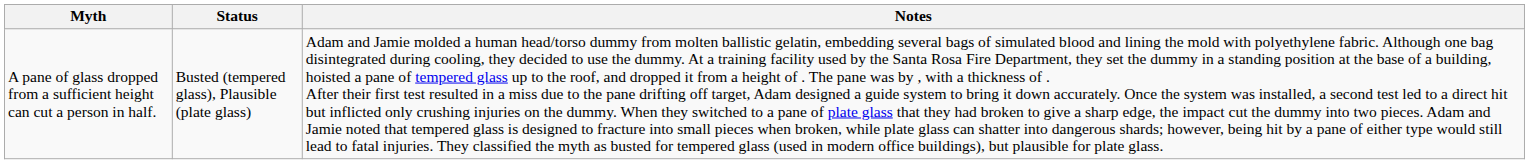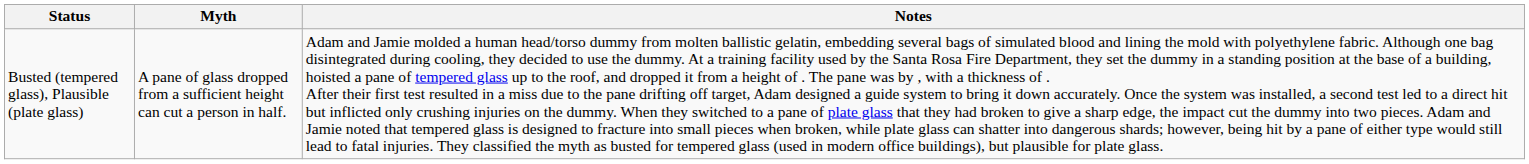 <table class="wikitable plainrowheaders">
 <tr>
+<th scope"col">Status</th>
 <th scope"col">Myth</th>
-<th scope"col">Status</th>
 <th scope"col">Notes</th>
 </tr>
 <tr>
+<td><span>Busted</span> (tempered glass), <span>Plausible</span> (plate glass)</td>
 <td scope"row">A pane of glass dropped from a sufficient height can cut a person in half.</td>
-<td><span>Busted</span> (tempered glass), <span>Plausible</span> (plate glass)</td>
 <td>Adam and Jamie molded a human head/torso dummy from molten ballistic gelatin, embedding several bags of simulated blood and lining the mold with polyethylene fabric. Although one bag disintegrated during cooling, they decided to use the dummy. At a training facility used by the Santa Rosa Fire Department, they set the dummy in a standing position at the base of a building, hoisted a pane of <a href='#'>tempered glass</a> up to the roof, and dropped it from a height of . The pane was  by , with a thickness of .<br>After their first test resulted in a miss due to the pane drifting off target, Adam designed a guide system to bring it down accurately. Once the system was installed, a second test led to a direct hit but inflicted only crushing injuries on the dummy. When they switched to a pane of <a href='#'>plate glass</a> that they had broken to give a sharp edge, the impact cut the dummy into two pieces. Adam and Jamie noted that tempered glass is designed to fracture into small pieces when broken, while plate glass can shatter into dangerous shards; however, being hit by a pane of either type would still lead to fatal injuries. They classified the myth as busted for tempered glass (used in modern office buildings), but plausible for plate glass.</td>
 </tr>
 </table>
